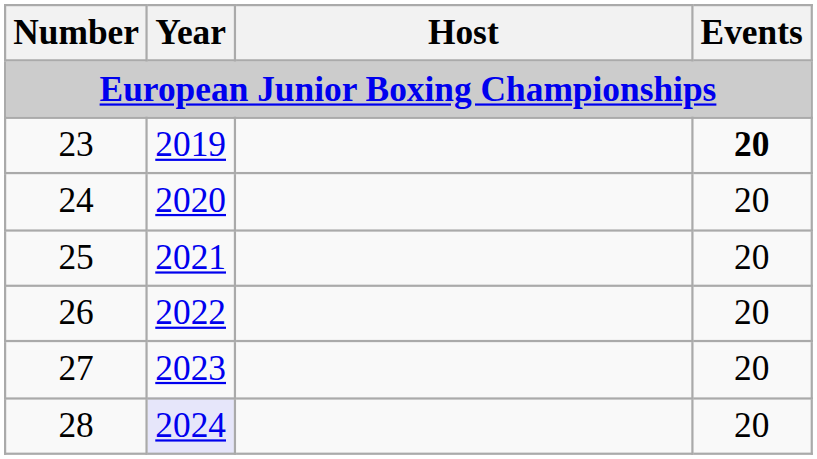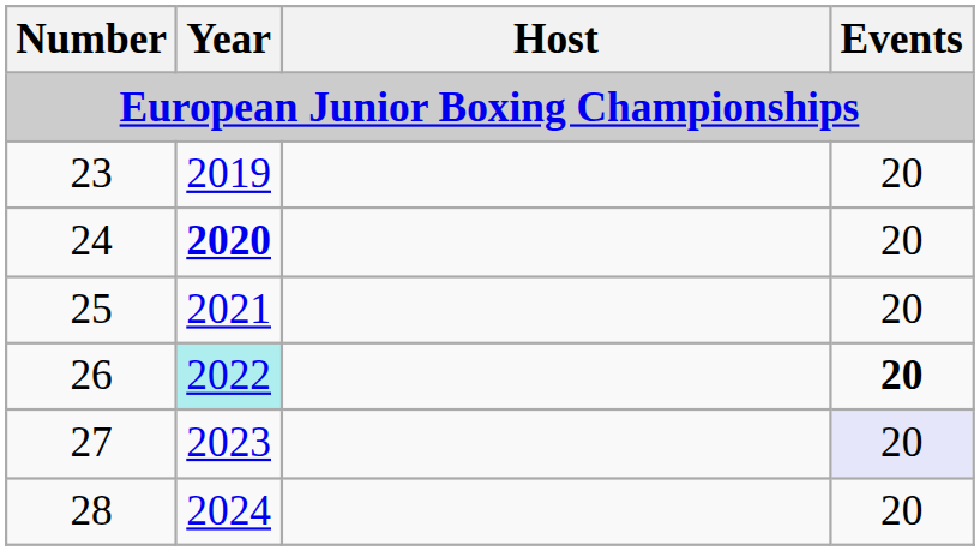 <table class="wikitable">
 <tr>
 <th width=20>Number</th>
 <th width=20>Year</th>
 <th width=200>Host</th>
 <th width=20>Events</th>
 </tr>
 <tr>
 <td colspan="5" bgcolor="#cccccc"align=center><strong><a href='#'>European Junior Boxing Championships</a></strong></td>
 </tr>
 <tr>
 <td align=center>23</td>
 <td><a href='#'>2019</a></td>
 <td></td>
-<td align=center><strong>20</strong></td>
+<td align=center>20</td>
 </tr>
 <tr>
 <td align=center>24</td>
-<td><a href='#'>2020</a></td>
+<td><strong><a href='#'>2020</a></strong></td>
 <td></td>
 <td align=center>20</td>
 </tr>
 <tr>
 <td align=center>25</td>
 <td><a href='#'>2021</a></td>
 <td></td>
 <td align=center>20</td>
 </tr>
 <tr>
 <td align=center>26</td>
-<td><a href='#'>2022</a></td>
+<td style="background: paleturquoise;"><a href='#'>2022</a></td>
 <td></td>
-<td align=center>20</td>
+<td align=center><strong>20</strong></td>
 </tr>
 <tr>
 <td align=center>27</td>
 <td><a href='#'>2023</a></td>
 <td></td>
-<td align=center>20</td>
+<td align=center style="background: lavender;">20</td>
 </tr>
 <tr>
 <td align=center>28</td>
-<td style="background: lavender;"><a href='#'>2024</a></td>
+<td><a href='#'>2024</a></td>
 <td></td>
 <td align=center>20</td>
 </tr>
 </table>
